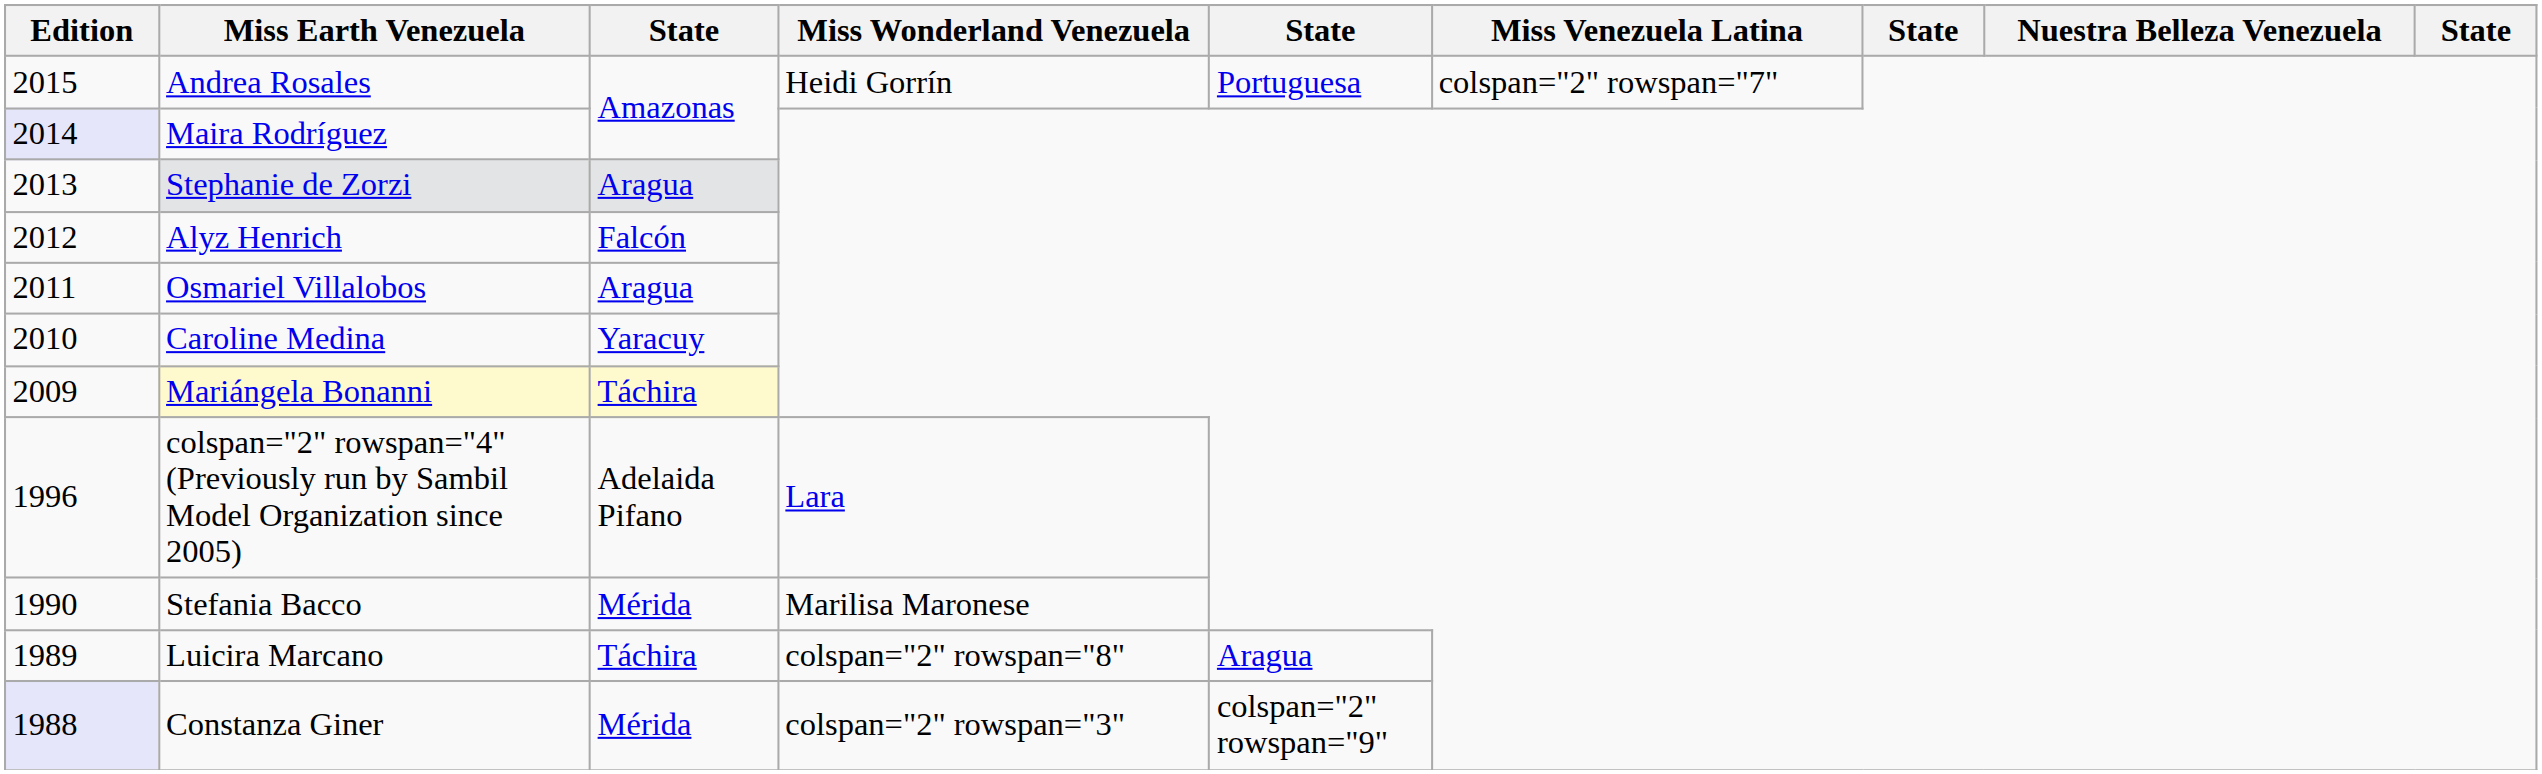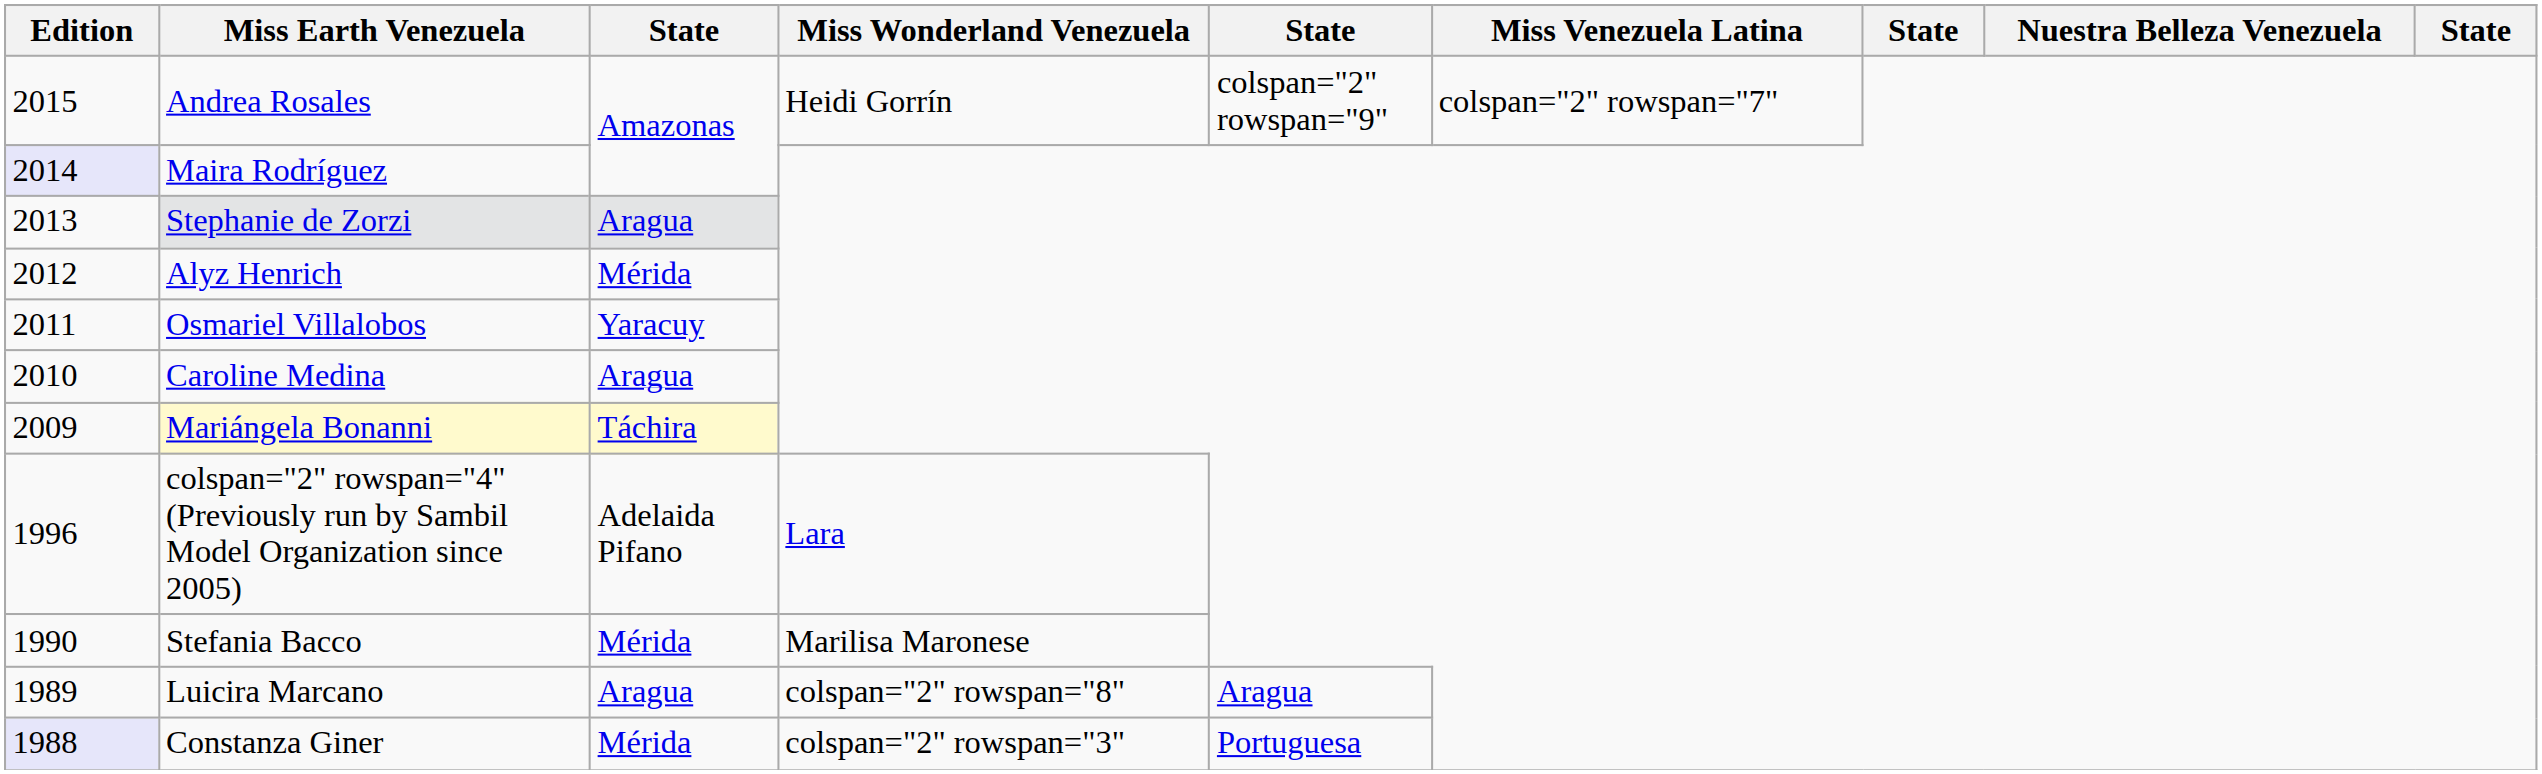 <table class="wikitable">
 <tr>
 <th width="2%">Edition</th>
 <th width="10%">Miss Earth Venezuela</th>
 <th width="2%">State</th>
 <th width="10%">Miss Wonderland Venezuela</th>
 <th width="2%">State</th>
 <th width="10%">Miss Venezuela Latina</th>
 <th width="2%">State</th>
 <th width="10%">Nuestra Belleza Venezuela</th>
 <th width="2%">State</th>
 </tr>
 <tr>
 <td>2015</td>
 <td><a href='#'>Andrea Rosales</a></td>
 <td rowspan="2"><a href='#'>Amazonas</a></td>
 <td>Heidi Gorrín</td>
-<td><a href='#'>Portuguesa</a></td>
+<td>colspan="2" rowspan="9" </td>
 <td>colspan="2" rowspan="7" </td>
 </tr>
 <tr>
 <td style="background: lavender;">2014</td>
 <td><a href='#'>Maira Rodríguez</a></td>
 </tr>
 <tr>
 <td>2013</td>
 <td style="background: #E3E4E5;"><a href='#'>Stephanie de Zorzi</a></td>
 <td style="background: #E3E4E5;"><a href='#'>Aragua</a></td>
 </tr>
 <tr>
 <td>2012</td>
 <td><a href='#'>Alyz Henrich</a></td>
-<td><a href='#'>Falcón</a></td>
+<td><a href='#'>Mérida</a></td>
 </tr>
 <tr>
 <td>2011</td>
 <td><a href='#'>Osmariel Villalobos</a></td>
-<td><a href='#'>Aragua</a></td>
+<td><a href='#'>Yaracuy</a></td>
 </tr>
 <tr>
 <td>2010</td>
 <td><a href='#'>Caroline Medina</a></td>
-<td><a href='#'>Yaracuy</a></td>
+<td><a href='#'>Aragua</a></td>
 </tr>
 <tr>
 <td>2009</td>
 <td style="background: #FFFACD;"><a href='#'>Mariángela Bonanni</a></td>
 <td style="background: #FFFACD;"><a href='#'>Táchira</a></td>
 </tr>
 <tr>
 <td>1996</td>
 <td>colspan="2" rowspan="4" <br>(Previously run by Sambil Model Organization since 2005)</td>
 <td>Adelaida Pifano</td>
 <td><a href='#'>Lara</a></td>
 </tr>
 <tr>
 <td>1990</td>
 <td>Stefania Bacco</td>
 <td><a href='#'>Mérida</a></td>
 <td>Marilisa Maronese</td>
 </tr>
 <tr>
 <td>1989</td>
 <td>Luicira Marcano</td>
-<td><a href='#'>Táchira</a></td>
+<td><a href='#'>Aragua</a></td>
 <td>colspan="2" rowspan="8" </td>
 <td><a href='#'>Aragua</a></td>
 </tr>
 <tr>
 <td style="background: lavender;">1988</td>
 <td>Constanza Giner</td>
 <td><a href='#'>Mérida</a></td>
 <td>colspan="2" rowspan="3" </td>
-<td>colspan="2" rowspan="9" </td>
+<td><a href='#'>Portuguesa</a></td>
 </tr>
 </table>
